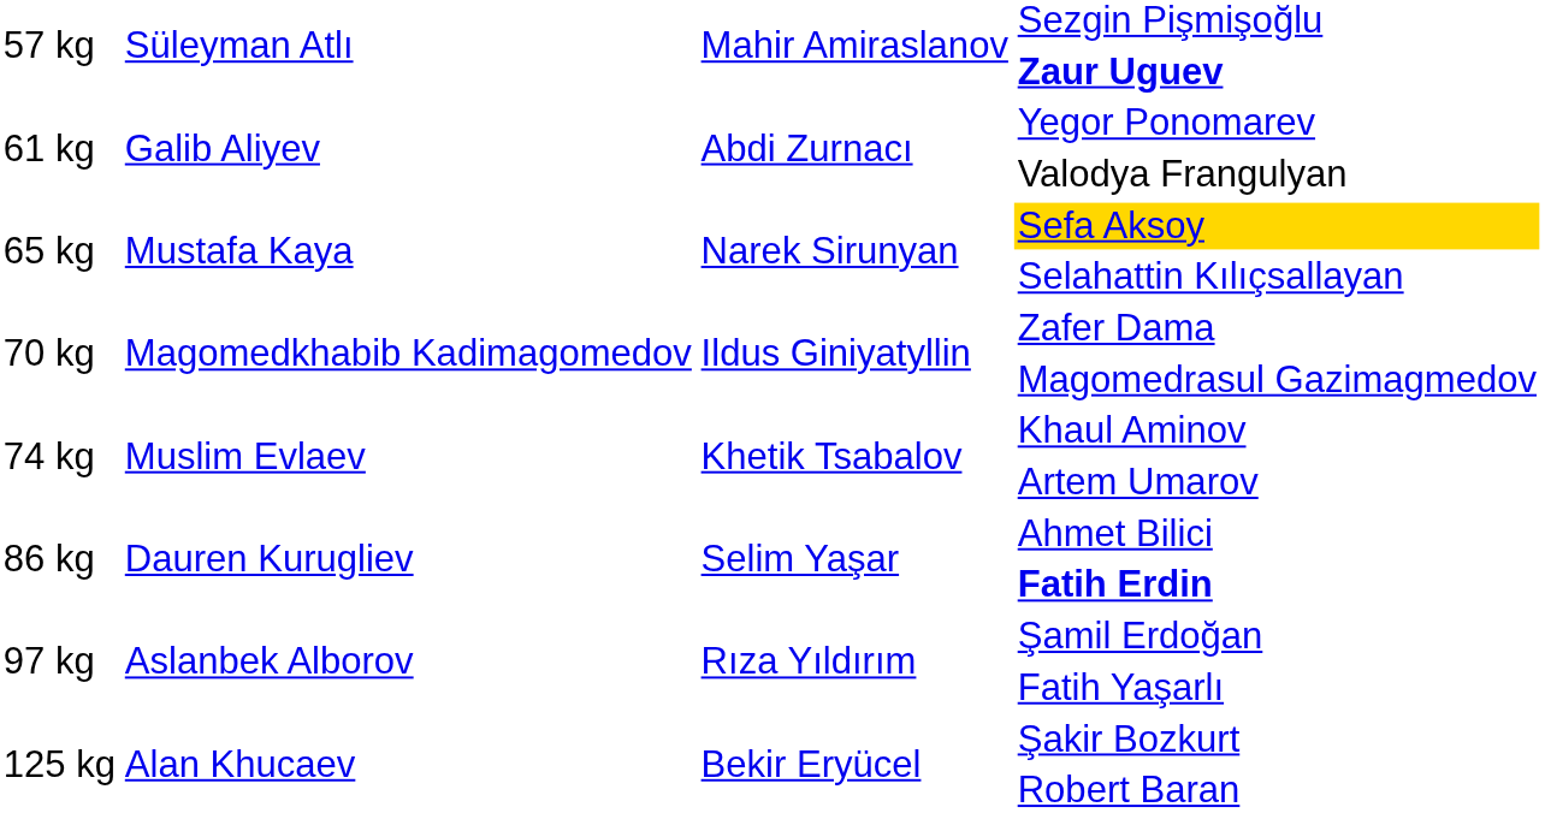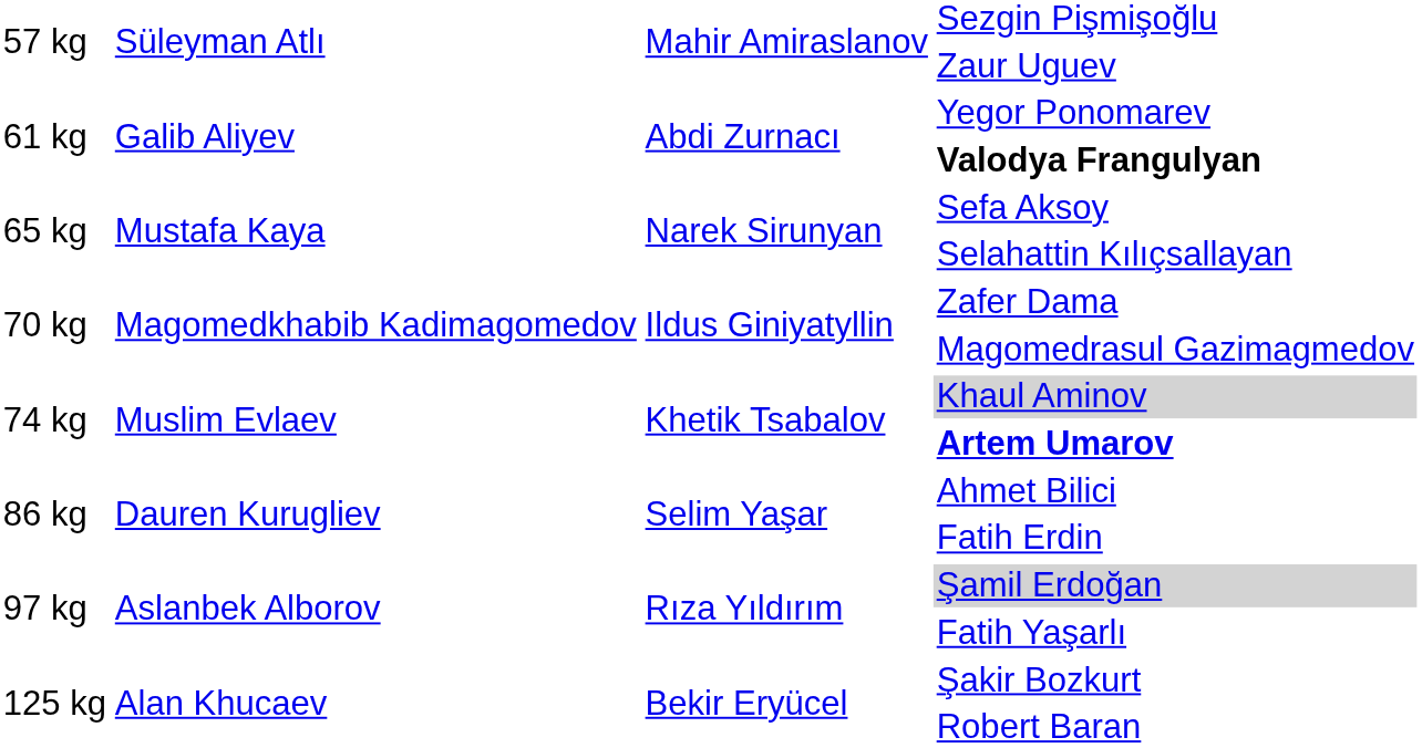 <table>
 <tr>
 <td rowspan=2>57 kg</td>
 <td rowspan=2> <a href='#'>Süleyman Atlı</a></td>
 <td rowspan=2> <a href='#'>Mahir Amiraslanov</a></td>
 <td> <a href='#'>Sezgin Pişmişoğlu</a></td>
 </tr>
 <tr>
-<td><strong> <a href='#'>Zaur Uguev</a></strong></td>
+<td> <a href='#'>Zaur Uguev</a></td>
 </tr>
 <tr>
 <td rowspan=2>61 kg</td>
 <td rowspan=2> <a href='#'>Galib Aliyev</a></td>
 <td rowspan=2> <a href='#'>Abdi Zurnacı</a></td>
 <td> <a href='#'>Yegor Ponomarev</a></td>
 </tr>
 <tr>
-<td> Valodya Frangulyan</td>
+<td><strong> Valodya Frangulyan</strong></td>
 </tr>
 <tr>
 <td rowspan=2>65 kg</td>
 <td rowspan=2> <a href='#'>Mustafa Kaya</a></td>
 <td rowspan=2> <a href='#'>Narek Sirunyan</a></td>
-<td style="background: gold;"> <a href='#'>Sefa Aksoy</a></td>
+<td> <a href='#'>Sefa Aksoy</a></td>
 </tr>
 <tr>
 <td> <a href='#'>Selahattin Kılıçsallayan</a></td>
 </tr>
 <tr>
 <td rowspan=2>70 kg</td>
 <td rowspan=2> <a href='#'>Magomedkhabib Kadimagomedov</a></td>
 <td rowspan=2> <a href='#'>Ildus Giniyatyllin</a></td>
 <td> <a href='#'>Zafer Dama</a></td>
 </tr>
 <tr>
 <td> <a href='#'>Magomedrasul Gazimagmedov</a></td>
 </tr>
 <tr>
 <td rowspan=2>74 kg</td>
 <td rowspan=2> <a href='#'>Muslim Evlaev</a></td>
 <td rowspan=2> <a href='#'>Khetik Tsabalov</a></td>
-<td> <a href='#'>Khaul Aminov</a></td>
+<td style="background: lightgrey;"> <a href='#'>Khaul Aminov</a></td>
 </tr>
 <tr>
-<td> <a href='#'>Artem Umarov</a></td>
+<td><strong> <a href='#'>Artem Umarov</a></strong></td>
 </tr>
 <tr>
 <td rowspan=2>86 kg</td>
 <td rowspan=2> <a href='#'>Dauren Kurugliev</a></td>
 <td rowspan=2> <a href='#'>Selim Yaşar</a></td>
 <td> <a href='#'>Ahmet Bilici</a></td>
 </tr>
 <tr>
-<td><strong> <a href='#'>Fatih Erdin</a></strong></td>
+<td> <a href='#'>Fatih Erdin</a></td>
 </tr>
 <tr>
 <td rowspan=2>97 kg</td>
 <td rowspan=2> <a href='#'>Aslanbek Alborov</a></td>
 <td rowspan=2> <a href='#'>Rıza Yıldırım</a></td>
-<td> <a href='#'>Şamil Erdoğan</a></td>
+<td style="background: lightgrey;"> <a href='#'>Şamil Erdoğan</a></td>
 </tr>
 <tr>
 <td> <a href='#'>Fatih Yaşarlı</a></td>
 </tr>
 <tr>
 <td rowspan=2>125 kg</td>
 <td rowspan=2> <a href='#'>Alan Khucaev</a></td>
 <td rowspan=2> <a href='#'>Bekir Eryücel</a></td>
 <td> <a href='#'>Şakir Bozkurt</a></td>
 </tr>
 <tr>
 <td> <a href='#'>Robert Baran</a></td>
 </tr>
 <tr>
 </tr>
 </table>
